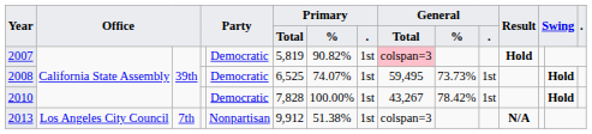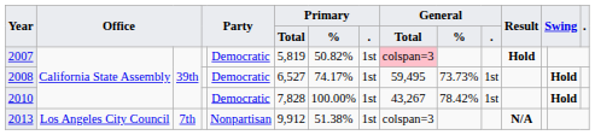 <table class="wikitable" style="font-size:90%; text-align:center;">
 <tr>
 <th style="background-color:#EAECF0;" rowspan=2>Year</th>
 <th colspan="2" rowspan="2" style="background-color:#EAECF0;">Office</th>
 <th style="background-color:#EAECF0;" colspan=2 rowspan=2>Party</th>
 <th style="background-color:#EAECF0;" colspan=3>Primary</th>
 <th style="background-color:#EAECF0;" colspan=3>General</th>
 <th style="background-color:#EAECF0;" rowspan=2>Result</th>
 <th style="background-color:#EAECF0;" colspan=2 rowspan=2><a href='#'>Swing</a></th>
 <th style="background-color:#EAECF0;" rowspan=2>.</th>
 </tr>
 <tr>
 <th style="background-color:#EAECF0;">Total</th>
 <th style="background-color:#EAECF0;">%</th>
 <th style="background-color:#EAECF0;">.</th>
 <th style="background-color:#EAECF0;">Total</th>
 <th style="background-color:#EAECF0;">%</th>
 <th style="background-color:#EAECF0;">.</th>
 </tr>
 <tr>
 <td style="background-color:#EAECF0;"><a href='#'>2007</a></td>
 <td rowspan=3><a href='#'>California State Assembly</a></td>
 <td rowspan="3"><a href='#'>39th</a></td>
 <td></td>
 <td><a href='#'>Democratic</a></td>
 <td>5,819</td>
-<td>90.82%</td>
+<td>50.82%</td>
 <td>1st</td>
 <td style="background: pink;">colspan=3 </td>
 <td></td>
 <td></td>
 <td><strong>Hold</strong></td>
 <td></td>
 </tr>
 <tr>
 <td style="background-color:#EAECF0;"><a href='#'>2008</a></td>
 <td></td>
 <td><a href='#'>Democratic</a></td>
-<td>6,525</td>
-<td>74.07%</td>
+<td>6,527</td>
+<td>74.17%</td>
 <td>1st</td>
 <td>59,495</td>
 <td>73.73%</td>
 <td>1st</td>
 <td></td>
 <td></td>
 <td><strong>Hold</strong></td>
 <td></td>
 </tr>
 <tr>
 <td style="background-color:#EAECF0;"><a href='#'>2010</a></td>
 <td></td>
 <td><a href='#'>Democratic</a></td>
 <td>7,828</td>
 <td>100.00%</td>
 <td>1st</td>
 <td>43,267</td>
 <td>78.42%</td>
 <td>1st</td>
 <td></td>
 <td></td>
 <td><strong>Hold</strong></td>
 <td></td>
 </tr>
 <tr>
 <td style="background-color:#EAECF0;"><a href='#'>2013</a></td>
 <td rowspan=1><a href='#'>Los Angeles City Council</a></td>
 <td rowspan="1"><a href='#'>7th</a></td>
 <td></td>
 <td><a href='#'>Nonpartisan</a></td>
 <td>9,912</td>
 <td>51.38%</td>
 <td>1st</td>
 <td>colspan=3 </td>
 <td></td>
 <td></td>
 <td><strong>N/A</strong></td>
 <td></td>
 </tr>
 </table>
